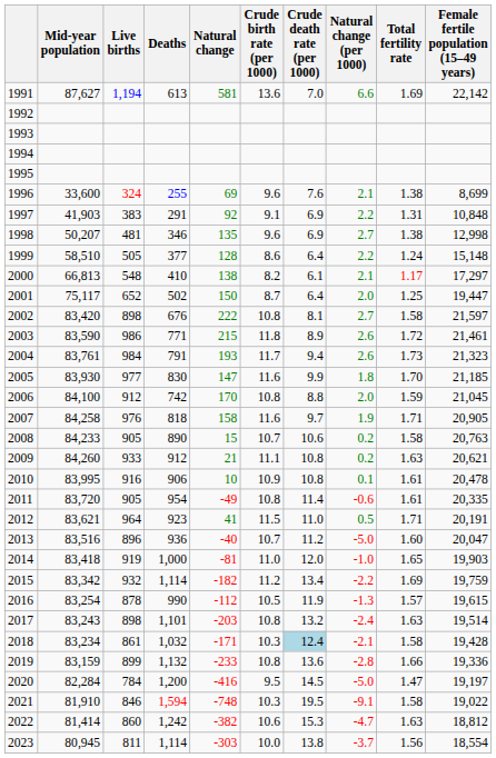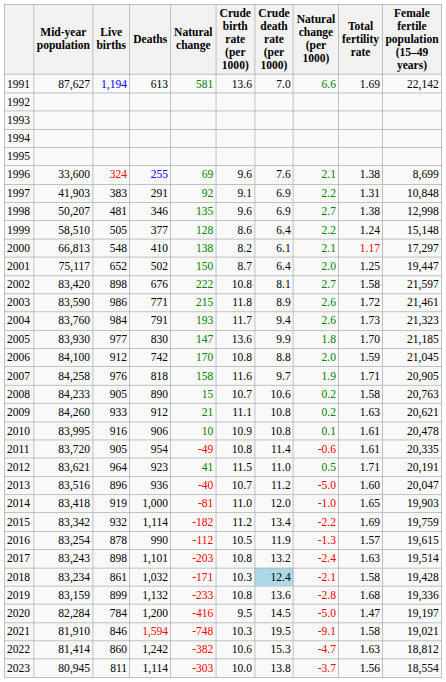 <table class="wikitable sortable collapsible collapsed">
 <tr>
 <th style="width:40pt;"></th>
 <th style="width:60pt;">Mid-year population</th>
 <th style="width:60pt;">Live births</th>
 <th style="width:60pt;">Deaths</th>
 <th style="width:60pt;">Natural change</th>
 <th style="width:60pt;">Crude birth rate (per 1000)</th>
 <th style="width:60pt;">Crude death rate (per 1000)</th>
 <th style="width:60pt;">Natural change (per 1000)</th>
 <th style="width:60pt;">Total fertility rate</th>
 <th style="width:60pt;">Female fertile population (15–49 years)</th>
 </tr>
 <tr>
 <td>1991</td>
 <td style="text-align:right;">87,627</td>
 <td style="text-align:right; color:blue;">1,194</td>
 <td style="text-align:right;">613</td>
 <td style="text-align:right; color:green;">581</td>
 <td style="text-align:right;">13.6</td>
 <td style="text-align:right;">7.0</td>
 <td style="text-align:right; color:green;">6.6</td>
 <td style="text-align:right;">1.69</td>
 <td style="text-align:right;">22,142</td>
 </tr>
 <tr>
 <td>1992</td>
 <td style="text-align:right;"></td>
 <td style="text-align:right;"></td>
 <td style="text-align:right;"></td>
 <td style="text-align:right; color:green;"></td>
 <td style="text-align:right;"></td>
 <td style="text-align:right;"></td>
 <td style="text-align:right; color:green;"></td>
 <td style="text-align:right;"></td>
 <td style="text-align:right;"></td>
 </tr>
 <tr>
 <td>1993</td>
 <td style="text-align:right;"></td>
 <td style="text-align:right;"></td>
 <td style="text-align:right;"></td>
 <td style="text-align:right; color:green;"></td>
 <td style="text-align:right;"></td>
 <td style="text-align:right;"></td>
 <td style="text-align:right; color:green;"></td>
 <td style="text-align:right;"></td>
 <td style="text-align:right;"></td>
 </tr>
 <tr>
 <td>1994</td>
 <td style="text-align:right;"></td>
 <td style="text-align:right;"></td>
 <td style="text-align:right;"></td>
 <td style="text-align:right; color:green;"></td>
 <td style="text-align:right;"></td>
 <td style="text-align:right;"></td>
 <td style="text-align:right; color:green;"></td>
 <td style="text-align:right;"></td>
 <td style="text-align:right;"></td>
 </tr>
 <tr>
 <td>1995</td>
 <td style="text-align:right;"></td>
 <td style="text-align:right;"></td>
 <td style="text-align:right;"></td>
 <td style="text-align:right; color:green;"></td>
 <td style="text-align:right;"></td>
 <td style="text-align:right;"></td>
 <td style="text-align:right; color:green;"></td>
 <td style="text-align:right;"></td>
 <td style="text-align:right;"></td>
 </tr>
 <tr>
 <td>1996</td>
 <td style="text-align:right;">33,600</td>
 <td style="text-align:right; color:red;">324</td>
 <td style="text-align:right; color:blue;">255</td>
 <td style="text-align:right; color:green;">69</td>
 <td style="text-align:right;">9.6</td>
 <td style="text-align:right;">7.6</td>
 <td style="text-align:right; color:green;">2.1</td>
 <td style="text-align:right;">1.38</td>
 <td style="text-align:right;">8,699</td>
 </tr>
 <tr>
 <td>1997</td>
 <td style="text-align:right;">41,903</td>
 <td style="text-align:right;">383</td>
 <td style="text-align:right;">291</td>
 <td style="text-align:right; color:green;">92</td>
 <td style="text-align:right;">9.1</td>
 <td style="text-align:right;">6.9</td>
 <td style="text-align:right; color:green;">2.2</td>
 <td style="text-align:right;">1.31</td>
 <td style="text-align:right;">10,848</td>
 </tr>
 <tr>
 <td>1998</td>
 <td style="text-align:right;">50,207</td>
 <td style="text-align:right;">481</td>
 <td style="text-align:right;">346</td>
 <td style="text-align:right; color:green;">135</td>
 <td style="text-align:right;">9.6</td>
 <td style="text-align:right;">6.9</td>
 <td style="text-align:right; color:green;">2.7</td>
 <td style="text-align:right;">1.38</td>
 <td style="text-align:right;">12,998</td>
 </tr>
 <tr>
 <td>1999</td>
 <td style="text-align:right;">58,510</td>
 <td style="text-align:right;">505</td>
 <td style="text-align:right;">377</td>
 <td style="text-align:right; color:green;">128</td>
 <td style="text-align:right;">8.6</td>
 <td style="text-align:right;">6.4</td>
 <td style="text-align:right; color:green;">2.2</td>
 <td style="text-align:right;">1.24</td>
 <td style="text-align:right;">15,148</td>
 </tr>
 <tr>
 <td>2000</td>
 <td style="text-align:right;">66,813</td>
 <td style="text-align:right;">548</td>
 <td style="text-align:right;">410</td>
 <td style="text-align:right; color:green;">138</td>
 <td style="text-align:right;">8.2</td>
 <td style="text-align:right;">6.1</td>
 <td style="text-align:right; color:green;">2.1</td>
 <td style="text-align:right; color:red;">1.17</td>
 <td style="text-align:right;">17,297</td>
 </tr>
 <tr>
 <td>2001</td>
 <td style="text-align:right;">75,117</td>
 <td style="text-align:right;">652</td>
 <td style="text-align:right;">502</td>
 <td style="text-align:right; color:green;">150</td>
 <td style="text-align:right;">8.7</td>
 <td style="text-align:right;">6.4</td>
 <td style="text-align:right; color:green;">2.0</td>
 <td style="text-align:right;">1.25</td>
 <td style="text-align:right;">19,447</td>
 </tr>
 <tr>
 <td>2002</td>
 <td style="text-align:right;">83,420</td>
 <td style="text-align:right;">898</td>
 <td style="text-align:right;">676</td>
 <td style="text-align:right; color:green;">222</td>
 <td style="text-align:right;">10.8</td>
 <td style="text-align:right;">8.1</td>
 <td style="text-align:right; color:green;">2.7</td>
 <td style="text-align:right;">1.58</td>
 <td style="text-align:right;">21,597</td>
 </tr>
 <tr>
 <td>2003</td>
 <td style="text-align:right;">83,590</td>
 <td style="text-align:right;">986</td>
 <td style="text-align:right;">771</td>
 <td style="text-align:right; color:green;">215</td>
 <td style="text-align:right;">11.8</td>
 <td style="text-align:right;">8.9</td>
 <td style="text-align:right; color:green;">2.6</td>
 <td style="text-align:right;">1.72</td>
 <td style="text-align:right;">21,461</td>
 </tr>
 <tr>
 <td>2004</td>
-<td style="text-align:right;">83,761</td>
+<td style="text-align:right;">83,760</td>
 <td style="text-align:right;">984</td>
 <td style="text-align:right;">791</td>
 <td style="text-align:right; color:green;">193</td>
 <td style="text-align:right;">11.7</td>
 <td style="text-align:right;">9.4</td>
 <td style="text-align:right; color:green;">2.6</td>
 <td style="text-align:right;">1.73</td>
 <td style="text-align:right;">21,323</td>
 </tr>
 <tr>
 <td>2005</td>
 <td style="text-align:right;">83,930</td>
 <td style="text-align:right;">977</td>
 <td style="text-align:right;">830</td>
 <td style="text-align:right; color:green;">147</td>
-<td style="text-align:right;">11.6</td>
+<td style="text-align:right;">13.6</td>
 <td style="text-align:right;">9.9</td>
 <td style="text-align:right; color:green;">1.8</td>
 <td style="text-align:right;">1.70</td>
 <td style="text-align:right;">21,185</td>
 </tr>
 <tr>
 <td>2006</td>
 <td style="text-align:right;">84,100</td>
 <td style="text-align:right;">912</td>
 <td style="text-align:right;">742</td>
 <td style="text-align:right; color:green;">170</td>
 <td style="text-align:right;">10.8</td>
 <td style="text-align:right;">8.8</td>
 <td style="text-align:right; color:green;">2.0</td>
 <td style="text-align:right;">1.59</td>
 <td style="text-align:right;">21,045</td>
 </tr>
 <tr>
 <td>2007</td>
 <td style="text-align:right;">84,258</td>
 <td style="text-align:right;">976</td>
 <td style="text-align:right;">818</td>
 <td style="text-align:right; color:green;">158</td>
 <td style="text-align:right;">11.6</td>
 <td style="text-align:right;">9.7</td>
 <td style="text-align:right; color:green;">1.9</td>
 <td style="text-align:right;">1.71</td>
 <td style="text-align:right;">20,905</td>
 </tr>
 <tr>
 <td>2008</td>
 <td style="text-align:right;">84,233</td>
 <td style="text-align:right;">905</td>
 <td style="text-align:right;">890</td>
 <td style="text-align:right; color:green;">15</td>
 <td style="text-align:right;">10.7</td>
 <td style="text-align:right;">10.6</td>
 <td style="text-align:right; color:green;">0.2</td>
 <td style="text-align:right;">1.58</td>
 <td style="text-align:right;">20,763</td>
 </tr>
 <tr>
 <td>2009</td>
 <td style="text-align:right;">84,260</td>
 <td style="text-align:right;">933</td>
 <td style="text-align:right;">912</td>
 <td style="text-align:right; color:green;">21</td>
 <td style="text-align:right;">11.1</td>
 <td style="text-align:right;">10.8</td>
 <td style="text-align:right; color:green;">0.2</td>
 <td style="text-align:right;">1.63</td>
 <td style="text-align:right;">20,621</td>
 </tr>
 <tr>
 <td>2010</td>
 <td style="text-align:right;">83,995</td>
 <td style="text-align:right;">916</td>
 <td style="text-align:right;">906</td>
 <td style="text-align:right; color:green;">10</td>
 <td style="text-align:right;">10.9</td>
 <td style="text-align:right;">10.8</td>
 <td style="text-align:right; color:green;">0.1</td>
 <td style="text-align:right;">1.61</td>
 <td style="text-align:right;">20,478</td>
 </tr>
 <tr>
 <td>2011</td>
 <td style="text-align:right;">83,720</td>
 <td style="text-align:right;">905</td>
 <td style="text-align:right;">954</td>
 <td style="text-align:right; color:red;">-49</td>
 <td style="text-align:right;">10.8</td>
 <td style="text-align:right;">11.4</td>
 <td style="text-align:right; color:red;">-0.6</td>
 <td style="text-align:right;">1.61</td>
 <td style="text-align:right;">20,335</td>
 </tr>
 <tr>
 <td>2012</td>
 <td style="text-align:right;">83,621</td>
 <td style="text-align:right;">964</td>
 <td style="text-align:right;">923</td>
 <td style="text-align:right; color:green;">41</td>
 <td style="text-align:right;">11.5</td>
 <td style="text-align:right;">11.0</td>
 <td style="text-align:right; color:green;">0.5</td>
 <td style="text-align:right;">1.71</td>
 <td style="text-align:right;">20,191</td>
 </tr>
 <tr>
 <td>2013</td>
 <td style="text-align:right;">83,516</td>
 <td style="text-align:right;">896</td>
 <td style="text-align:right;">936</td>
 <td style="text-align:right; color:red;">-40</td>
 <td style="text-align:right;">10.7</td>
 <td style="text-align:right;">11.2</td>
 <td style="text-align:right; color:red;">-5.0</td>
 <td style="text-align:right;">1.60</td>
 <td style="text-align:right;">20,047</td>
 </tr>
 <tr>
 <td>2014</td>
 <td style="text-align:right;">83,418</td>
 <td style="text-align:right;">919</td>
 <td style="text-align:right;">1,000</td>
 <td style="text-align:right; color:red;">-81</td>
 <td style="text-align:right;">11.0</td>
 <td style="text-align:right;">12.0</td>
 <td style="text-align:right; color:red;">-1.0</td>
 <td style="text-align:right;">1.65</td>
 <td style="text-align:right;">19,903</td>
 </tr>
 <tr>
 <td>2015</td>
 <td style="text-align:right;">83,342</td>
 <td style="text-align:right;">932</td>
 <td style="text-align:right;">1,114</td>
 <td style="text-align:right; color:red;">-182</td>
 <td style="text-align:right;">11.2</td>
 <td style="text-align:right;">13.4</td>
 <td style="text-align:right; color:red;">-2.2</td>
 <td style="text-align:right;">1.69</td>
 <td style="text-align:right;">19,759</td>
 </tr>
 <tr>
 <td>2016</td>
 <td style="text-align:right;">83,254</td>
 <td style="text-align:right;">878</td>
 <td style="text-align:right;">990</td>
 <td style="text-align:right; color:red;">-112</td>
 <td style="text-align:right;">10.5</td>
 <td style="text-align:right;">11.9</td>
 <td style="text-align:right; color:red;">-1.3</td>
 <td style="text-align:right;">1.57</td>
 <td style="text-align:right;">19,615</td>
 </tr>
 <tr>
 <td>2017</td>
 <td style="text-align:right;">83,243</td>
 <td style="text-align:right;">898</td>
 <td style="text-align:right;">1,101</td>
 <td style="text-align:right; color:red;">-203</td>
 <td style="text-align:right;">10.8</td>
 <td style="text-align:right;">13.2</td>
 <td style="text-align:right; color:red;">-2.4</td>
 <td style="text-align:right;">1.63</td>
 <td style="text-align:right;">19,514</td>
 </tr>
 <tr>
 <td>2018</td>
 <td style="text-align:right;">83,234</td>
 <td style="text-align:right;">861</td>
 <td style="text-align:right;">1,032</td>
 <td style="text-align:right; color:red;">-171</td>
 <td style="text-align:right;">10.3</td>
 <td style="background: lightblue; text-align:right;">12.4</td>
 <td style="text-align:right; color:red;">-2.1</td>
 <td style="text-align:right;">1.58</td>
 <td style="text-align:right;">19,428</td>
 </tr>
 <tr>
 <td>2019</td>
 <td style="text-align:right;">83,159</td>
 <td style="text-align:right;">899</td>
 <td style="text-align:right;">1,132</td>
 <td style="text-align:right; color:red;">-233</td>
 <td style="text-align:right;">10.8</td>
 <td style="text-align:right;">13.6</td>
 <td style="text-align:right; color:red;">-2.8</td>
-<td style="text-align:right;">1.66</td>
+<td style="text-align:right;">1.68</td>
 <td style="text-align:right;">19,336</td>
 </tr>
 <tr>
 <td>2020</td>
 <td style="text-align:right;">82,284</td>
 <td style="text-align:right;">784</td>
 <td style="text-align:right;">1,200</td>
 <td style="text-align:right; color:red;">-416</td>
 <td style="text-align:right;">9.5</td>
 <td style="text-align:right;">14.5</td>
 <td style="text-align:right; color:red;">-5.0</td>
 <td style="text-align:right;">1.47</td>
 <td style="text-align:right;">19,197</td>
 </tr>
 <tr>
 <td>2021</td>
 <td style="text-align:right;">81,910</td>
 <td style="text-align:right;">846</td>
 <td style="text-align:right; color:red;">1,594</td>
 <td style="text-align:right; color:red;">-748</td>
 <td style="text-align:right;">10.3</td>
 <td style="text-align:right;">19.5</td>
 <td style="text-align:right; color:red;">-9.1</td>
 <td style="text-align:right;">1.58</td>
-<td style="text-align:right;">19,022</td>
+<td style="text-align:right;">19,021</td>
 </tr>
 <tr>
 <td>2022</td>
 <td style="text-align:right;">81,414</td>
 <td style="text-align:right;">860</td>
 <td style="text-align:right;">1,242</td>
 <td style="text-align:right; color:red;">-382</td>
 <td style="text-align:right;">10.6</td>
 <td style="text-align:right;">15.3</td>
 <td style="text-align:right; color:red;">-4.7</td>
 <td style="text-align:right;">1.63</td>
 <td style="text-align:right;">18,812</td>
 </tr>
 <tr>
 <td>2023</td>
 <td style="text-align:right;">80,945</td>
 <td style="text-align:right;">811</td>
 <td style="text-align:right;">1,114</td>
 <td style="text-align:right; color:red;">-303</td>
 <td style="text-align:right;">10.0</td>
 <td style="text-align:right;">13.8</td>
 <td style="text-align:right; color:red;">-3.7</td>
 <td style="text-align:right;">1.56</td>
 <td style="text-align:right;">18,554</td>
 </tr>
 </table>
